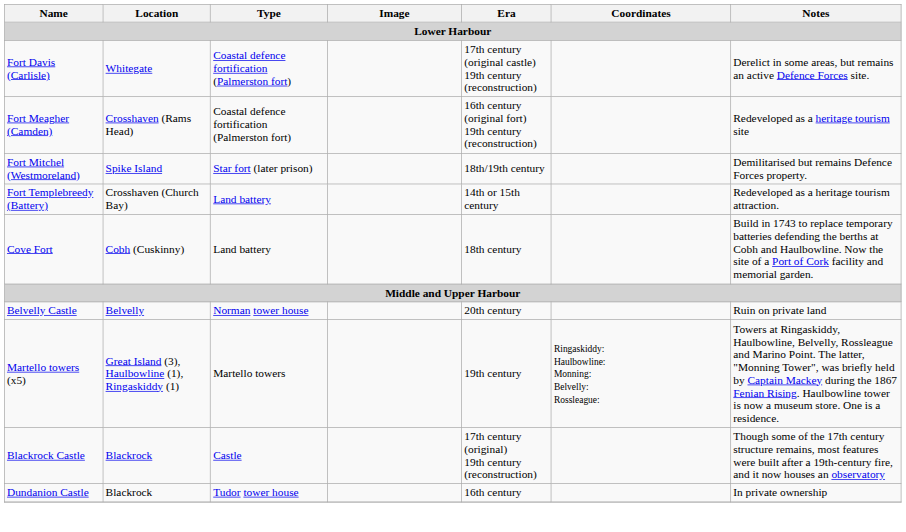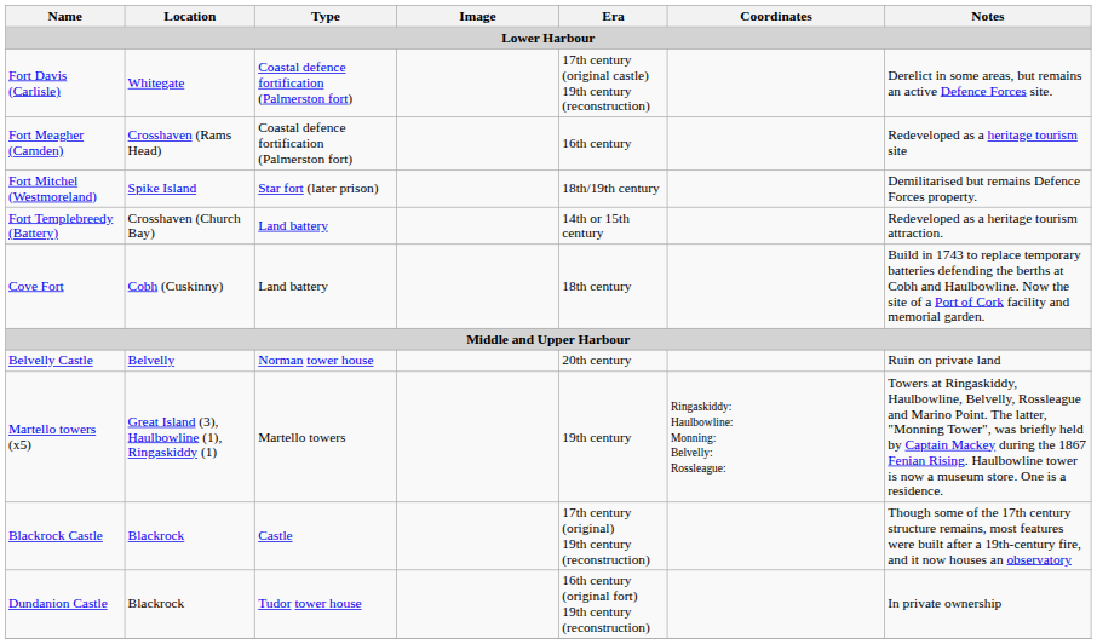 <table class="wikitable" width="100%">
 <tr>
 <th width=11%>Name</th>
 <th width=12%>Location</th>
 <th width=13%>Type</th>
 <th width=15%>Image</th>
 <th width=10%>Era</th>
 <th width=20%>Coordinates</th>
 <th width=19%>Notes</th>
 </tr>
 <tr>
 <th style="align: center; background: lightgrey;" colspan="7">Lower Harbour</th>
 </tr>
 <tr>
 <td><a href='#'>Fort Davis (Carlisle)</a></td>
 <td><a href='#'>Whitegate</a></td>
 <td><a href='#'>Coastal defence fortification</a> (<a href='#'>Palmerston fort</a>)</td>
 <td></td>
 <td>17th century (original castle)<br>19th century (reconstruction)</td>
 <td></td>
 <td>Derelict in some areas, but remains an active <a href='#'>Defence Forces</a> site.</td>
 </tr>
 <tr>
 <td><a href='#'>Fort Meagher (Camden)</a></td>
 <td><a href='#'>Crosshaven</a> (Rams Head)</td>
 <td>Coastal defence fortification (Palmerston fort)</td>
 <td></td>
-<td>16th century (original fort)<br>19th century (reconstruction)</td>
+<td>16th century</td>
 <td></td>
 <td>Redeveloped as a <a href='#'>heritage tourism</a> site</td>
 </tr>
 <tr>
 <td><a href='#'>Fort Mitchel (Westmoreland)</a></td>
 <td><a href='#'>Spike Island</a></td>
 <td><a href='#'>Star fort</a> (later prison)</td>
 <td></td>
 <td>18th/19th century</td>
 <td></td>
 <td>Demilitarised but remains Defence Forces property.</td>
 </tr>
 <tr>
 <td><a href='#'>Fort Templebreedy (Battery)</a></td>
 <td>Crosshaven (Church Bay)</td>
 <td><a href='#'>Land battery</a></td>
 <td></td>
 <td>14th or 15th century</td>
 <td></td>
 <td>Redeveloped as a heritage tourism attraction.</td>
 </tr>
 <tr>
 <td><a href='#'>Cove Fort</a></td>
 <td><a href='#'>Cobh</a> (Cuskinny)</td>
 <td>Land battery</td>
 <td></td>
 <td>18th century</td>
 <td></td>
 <td>Build in 1743 to replace temporary batteries defending the berths at Cobh and Haulbowline. Now the site of a <a href='#'>Port of Cork</a> facility and memorial garden.</td>
 </tr>
 <tr>
 <th style="align: center; background: lightgrey;" colspan="7">Middle and Upper Harbour</th>
 </tr>
 <tr>
 <td><a href='#'>Belvelly Castle</a></td>
 <td><a href='#'>Belvelly</a></td>
 <td><a href='#'>Norman</a> <a href='#'>tower house</a></td>
 <td></td>
 <td>20th century</td>
 <td></td>
 <td>Ruin on private land</td>
 </tr>
 <tr>
 <td><a href='#'>Martello towers</a> (x5)</td>
 <td><a href='#'>Great Island</a> (3), <a href='#'>Haulbowline</a> (1), <a href='#'>Ringaskiddy</a> (1)</td>
 <td>Martello towers</td>
 <td></td>
 <td>19th century</td>
 <td><small>Ringaskiddy:<br>Haulbowline:<br>Monning:<br>Belvelly:<br>Rossleague:</small></td>
 <td>Towers at Ringaskiddy, Haulbowline, Belvelly, Rossleague and Marino Point. The latter, "Monning Tower", was briefly held by <a href='#'>Captain Mackey</a> during the 1867 <a href='#'>Fenian Rising</a>. Haulbowline tower is now a museum store. One is a residence.</td>
 </tr>
 <tr>
 <td><a href='#'>Blackrock Castle</a></td>
 <td><a href='#'>Blackrock</a></td>
 <td><a href='#'>Castle</a></td>
 <td></td>
 <td>17th century (original)<br>19th century (reconstruction)</td>
 <td></td>
 <td>Though some of the 17th century structure remains, most features were built after a 19th-century fire, and it now houses an <a href='#'>observatory</a></td>
 </tr>
 <tr>
 <td><a href='#'>Dundanion Castle</a></td>
 <td>Blackrock</td>
 <td><a href='#'>Tudor</a> <a href='#'>tower house</a></td>
 <td></td>
-<td>16th century</td>
+<td>16th century (original fort)<br>19th century (reconstruction)</td>
 <td></td>
 <td>In private ownership</td>
 </tr>
 <tr>
 </tr>
 </table>
